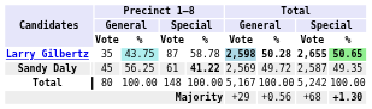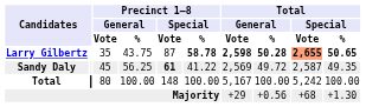 <table class="toccolours sortable" style="text-align:center;">
 <tr style="background:lavender">
 <th rowspan="3" colspan="2">Candidates</th>
 <th colspan=4>Precinct 1–8</th>
 <th colspan=4>Total</th>
 </tr>
 <tr style="background:lavender">
 <th colspan=2>General</th>
 <th colspan=2>Special</th>
 <th colspan=2>General</th>
 <th colspan=2>Special</th>
 </tr>
 <tr>
 <th align="center">Vote</th>
 <th align="center">%</th>
 <th align="center">Vote</th>
 <th align="center">%</th>
 <th align="center">Vote</th>
 <th align="center">%</th>
 <th align="center">Vote</th>
 <th align="center">%</th>
 </tr>
 <tr>
 <th><a href='#'>Larry Gilbertz</a></th>
 <td style="background-color:"></td>
 <td>35</td>
-<td style="background: paleturquoise;">43.75</td>
+<td>43.75</td>
 <td>87</td>
-<td>58.78</td>
-<td style="background: lightblue;"><strong>2,598</strong></td>
+<td><strong>58.78</strong></td>
+<td><strong>2,598</strong></td>
 <td><strong>50.28</strong></td>
-<td><strong>2,655</strong></td>
-<td style="background: lightgreen;"><strong>50.65</strong></td>
+<td style="background: lightsalmon;"><strong>2,655</strong></td>
+<td><strong>50.65</strong></td>
 </tr>
 <tr style="background:#EEEEEE;">
 <th>Sandy Daly</th>
 <td style="background-color:"></td>
 <td>45</td>
 <td>56.25</td>
-<td>61</td>
-<td><strong>41.22</strong></td>
+<td><strong>61</strong></td>
+<td>41.22</td>
 <td>2,569</td>
 <td>49.72</td>
 <td>2,587</td>
 <td>49.35</td>
 </tr>
 <tr>
 <th>Total</th>
 <td style="background-color:#000000"></td>
 <td>80</td>
 <td>100.00</td>
 <td>148</td>
 <td>100.00</td>
 <td>5,167</td>
 <td>100.00</td>
 <td>5,242</td>
 <td>100.00</td>
 </tr>
 <tr style="background:#EEEEEE;">
 <th colspan=6 style="text-align:right;">Majority</th>
 <td>+29</td>
 <td>+0.56</td>
 <td>+68</td>
-<td><strong>+1.30</strong></td>
+<td>+1.30</td>
 </tr>
 </table>
